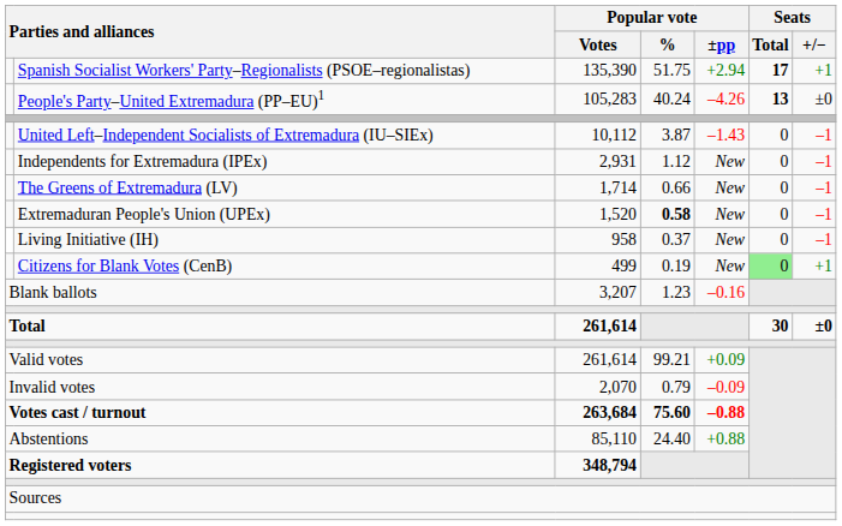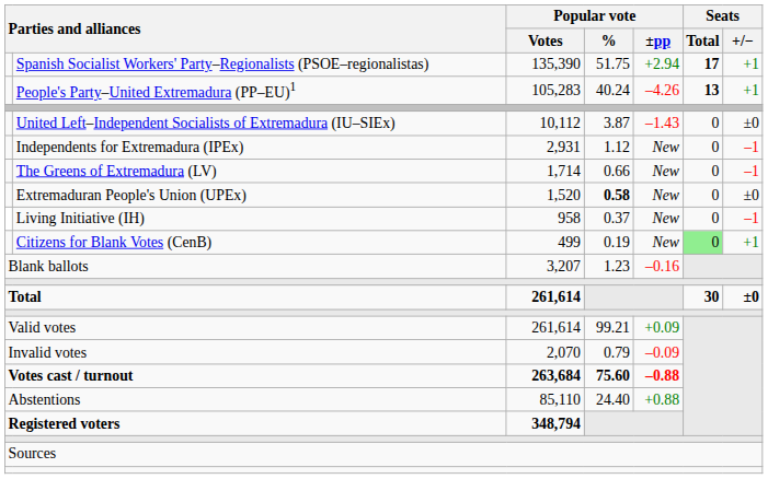 <table class="wikitable" style="text-align:right;">
 <tr>
 <th style="text-align:left;" rowspan="2" colspan="2" width="525">Parties and alliances</th>
 <th colspan="3">Popular vote</th>
 <th colspan="2">Seats</th>
 </tr>
 <tr>
 <th width="75">Votes</th>
 <th width="45">%</th>
 <th width="45">±<a href='#'>pp</a></th>
 <th width="35">Total</th>
 <th width="35">+/−</th>
 </tr>
 <tr>
 <td width="1" style="color:inherit;background:"></td>
 <td align="left"><a href='#'>Spanish Socialist Workers' Party</a>–<a href='#'>Regionalists</a> (PSOE–regionalistas)</td>
 <td>135,390</td>
 <td>51.75</td>
 <td style="color:green;">+2.94</td>
 <td><strong>17</strong></td>
 <td style="color:green;">+1</td>
 </tr>
 <tr>
 <td style="color:inherit;background:"></td>
 <td align="left"><a href='#'>People's Party</a>–<a href='#'>United Extremadura</a> (PP–EU)<sup>1</sup></td>
 <td>105,283</td>
 <td>40.24</td>
 <td style="color:red;">–4.26</td>
 <td><strong>13</strong></td>
-<td>±0</td>
+<td style="color:green;">+1</td>
 </tr>
 <tr>
 <td colspan="7" bgcolor="#C0C0C0"></td>
 </tr>
 <tr>
 <td style="color:inherit;background:"></td>
 <td align="left"><a href='#'>United Left</a>–<a href='#'>Independent Socialists of Extremadura</a> (IU–SIEx)</td>
 <td>10,112</td>
 <td>3.87</td>
 <td style="color:red;">–1.43</td>
 <td>0</td>
-<td style="color:red;">–1</td>
+<td>±0</td>
 </tr>
 <tr>
 <td style="color:inherit;background:"></td>
 <td align="left">Independents for Extremadura (IPEx)</td>
 <td>2,931</td>
 <td>1.12</td>
 <td><em>New</em></td>
 <td>0</td>
 <td style="color:red;">–1</td>
 </tr>
 <tr>
 <td style="color:inherit;background:"></td>
 <td align="left"><a href='#'>The Greens of Extremadura</a> (LV)</td>
 <td>1,714</td>
 <td>0.66</td>
 <td><em>New</em></td>
 <td>0</td>
 <td style="color:red;">–1</td>
 </tr>
 <tr>
 <td style="color:inherit;background:"></td>
 <td align="left">Extremaduran People's Union (UPEx)</td>
 <td>1,520</td>
 <td><strong>0.58</strong></td>
 <td><em>New</em></td>
 <td>0</td>
-<td style="color:red;">–1</td>
+<td>±0</td>
 </tr>
 <tr>
 <td bgcolor="white"></td>
 <td align="left">Living Initiative (IH)</td>
 <td>958</td>
 <td>0.37</td>
 <td><em>New</em></td>
 <td>0</td>
 <td style="color:red;">–1</td>
 </tr>
 <tr>
 <td style="color:inherit;background:"></td>
 <td align="left"><a href='#'>Citizens for Blank Votes</a> (CenB)</td>
 <td>499</td>
 <td>0.19</td>
 <td><em>New</em></td>
 <td style="background: lightgreen;">0</td>
 <td style="color:green;">+1</td>
 </tr>
 <tr>
 <td align="left" colspan="2">Blank ballots</td>
 <td>3,207</td>
 <td>1.23</td>
 <td style="color:red;">–0.16</td>
 <td bgcolor="#E9E9E9" colspan="2"></td>
 </tr>
 <tr>
 <td colspan="7" bgcolor="#E9E9E9"></td>
 </tr>
 <tr style="font-weight:bold;">
 <td align="left" colspan="2">Total</td>
 <td>261,614</td>
 <td bgcolor="#E9E9E9" colspan="2"></td>
 <td>30</td>
 <td>±0</td>
 </tr>
 <tr>
 <td colspan="7" bgcolor="#E9E9E9"></td>
 </tr>
 <tr>
 <td align="left" colspan="2">Valid votes</td>
 <td>261,614</td>
 <td>99.21</td>
 <td style="color:green;">+0.09</td>
 <td bgcolor="#E9E9E9" colspan="2" rowspan="5"></td>
 </tr>
 <tr>
 <td align="left" colspan="2">Invalid votes</td>
 <td>2,070</td>
 <td>0.79</td>
 <td style="color:red;">–0.09</td>
 </tr>
 <tr style="font-weight:bold;">
 <td align="left" colspan="2">Votes cast / turnout</td>
 <td>263,684</td>
 <td>75.60</td>
 <td style="color:red;">–0.88</td>
 </tr>
 <tr>
 <td align="left" colspan="2">Abstentions</td>
 <td>85,110</td>
 <td>24.40</td>
 <td style="color:green;">+0.88</td>
 </tr>
 <tr style="font-weight:bold;">
 <td align="left" colspan="2">Registered voters</td>
 <td>348,794</td>
 <td bgcolor="#E9E9E9" colspan="2"></td>
 </tr>
 <tr>
 <td colspan="7" bgcolor="#E9E9E9"></td>
 </tr>
 <tr>
 <td align="left" colspan="7">Sources</td>
 </tr>
 <tr>
 <td colspan="7" style="text-align:left; max-width:790px;"></td>
 </tr>
 </table>
